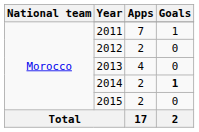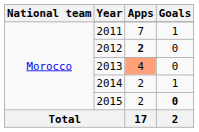 <table class="wikitable" style="text-align:center">
 <tr>
 <th>National team</th>
 <th>Year</th>
 <th>Apps</th>
 <th>Goals</th>
 </tr>
 <tr>
 <td rowspan=6><a href='#'>Morocco</a></td>
 </tr>
 <tr>
 <td>2011</td>
 <td>7</td>
 <td>1</td>
 </tr>
 <tr>
 <td>2012</td>
-<td>2</td>
+<td><strong>2</strong></td>
 <td>0</td>
 </tr>
 <tr>
 <td>2013</td>
-<td>4</td>
+<td style="background: lightsalmon;">4</td>
 <td>0</td>
 </tr>
 <tr>
 <td>2014</td>
 <td>2</td>
-<td><strong>1</strong></td>
+<td>1</td>
 </tr>
 <tr>
 <td>2015</td>
 <td>2</td>
-<td>0</td>
+<td><strong>0</strong></td>
 </tr>
 <tr>
 <th colspan=2>Total</th>
 <th>17</th>
 <th>2</th>
 </tr>
 </table>
